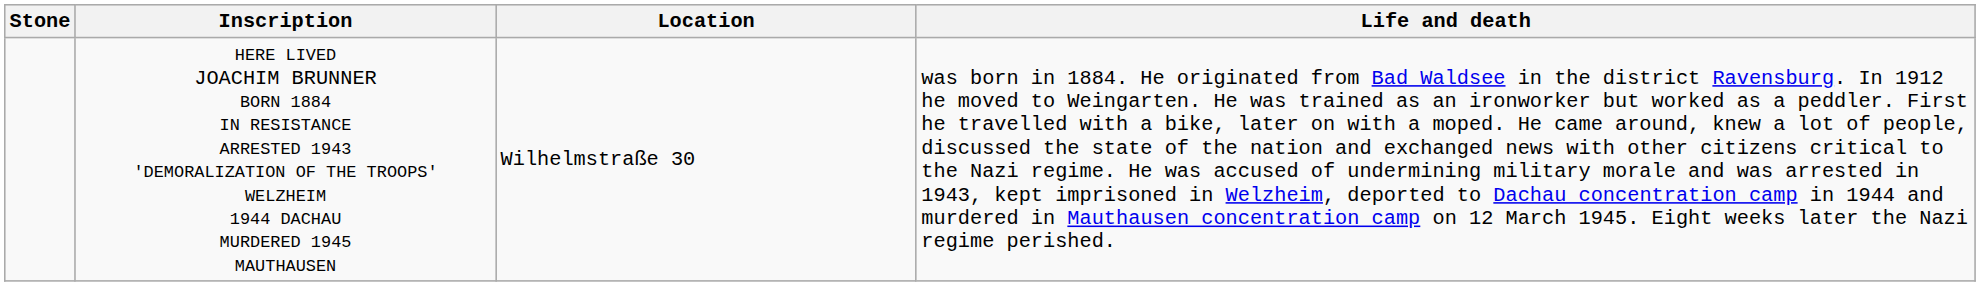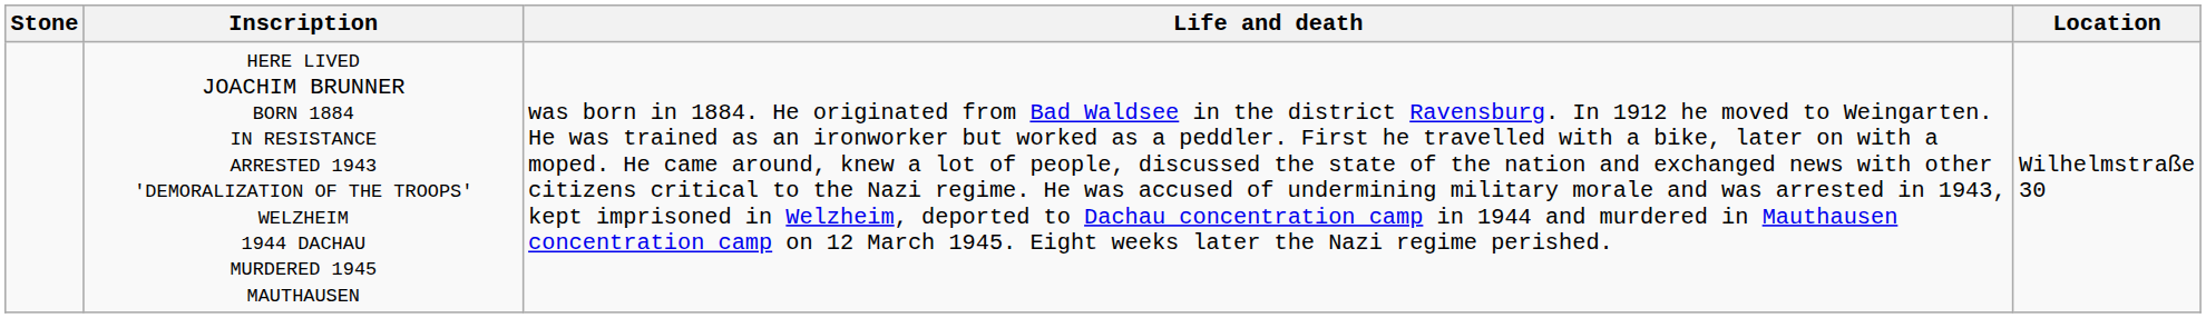 <table class="wikitable sortable toptextcells" style="width:100%">
 <tr>
 <th class="hintergrundfarbe6 unsortable" width="120px">Stone</th>
 <th class="hintergrundfarbe6" style ="width:22%;">Inscription</th>
+<th class="hintergrundfarbe6 unsortable" style="width:100%;">Life and death</th>
 <th class="hintergrundfarbe6" data-sort-type="text" style ="width:22%;">Location</th>
-<th class="hintergrundfarbe6 unsortable" style="width:100%;">Life and death</th>
 </tr>
 <tr>
 <td></td>
 <td style="text-align:center"><div><small>HERE LIVED</small><br>JOACHIM BRUNNER<br><small>BORN 1884<br>IN RESISTANCE<br>ARRESTED 1943<br>'DEMORALIZATION OF THE TROOPS'<br>WELZHEIM<br>1944 DACHAU<br>MURDERED 1945<br>MAUTHAUSEN</small></div></td>
+<td><strong></strong> was born in 1884. He originated from <a href='#'>Bad Waldsee</a> in the district <a href='#'>Ravensburg</a>. In 1912 he moved to Weingarten. He was trained as an ironworker but worked as a peddler. First he travelled with a bike, later on with a moped. He came around, knew a lot of people, discussed the state of the nation and exchanged news with other citizens critical to the Nazi regime. He was accused of undermining military morale and was arrested in 1943, kept imprisoned in <a href='#'>Welzheim</a>, deported to <a href='#'>Dachau concentration camp</a> in 1944 and murdered in <a href='#'>Mauthausen concentration camp</a> on 12 March 1945. Eight weeks later the Nazi regime perished.</td>
 <td>Wilhelmstraße 30<br></td>
-<td><strong></strong> was born in 1884. He originated from <a href='#'>Bad Waldsee</a> in the district <a href='#'>Ravensburg</a>. In 1912 he moved to Weingarten. He was trained as an ironworker but worked as a peddler. First he travelled with a bike, later on with a moped. He came around, knew a lot of people, discussed the state of the nation and exchanged news with other citizens critical to the Nazi regime. He was accused of undermining military morale and was arrested in 1943, kept imprisoned in <a href='#'>Welzheim</a>, deported to <a href='#'>Dachau concentration camp</a> in 1944 and murdered in <a href='#'>Mauthausen concentration camp</a> on 12 March 1945. Eight weeks later the Nazi regime perished.</td>
 </tr>
 </table>
